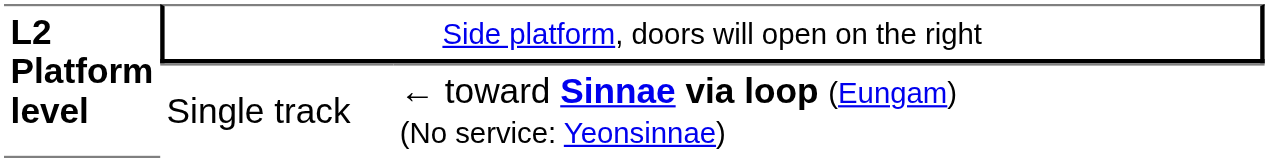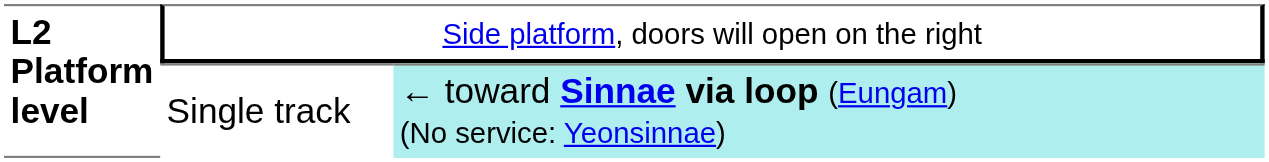 <table table border=0 cellspacing=0 cellpadding=3>
 <tr>
 <td style="border-top:solid 1px gray;border-bottom:solid 1px gray;" width=50 rowspan=10 valign=top><strong>L2<br>Platform level</strong></td>
 <td style="border-top:solid 1px gray;border-right:solid 2px black;border-left:solid 2px black;border-bottom:solid 2px black;text-align:center;" colspan=2><small><a href='#'>Side platform</a>, doors will open on the right </small></td>
 </tr>
 <tr>
 <td style="border-bottom:solid 0px gray;border-top:solid 1px gray;" width=100>Single track</td>
-<td style="border-bottom:solid 0px gray;border-top:solid 1px gray;" width=390>←  toward <strong> <a href='#'>Sinnae</a> via loop</strong> <small>(<a href='#'>Eungam</a>)</small><br><small>(No service: <a href='#'>Yeonsinnae</a>)</small></td>
+<td style="background: paleturquoise; border-bottom:solid 0px gray;border-top:solid 1px gray;" width=390>←  toward <strong> <a href='#'>Sinnae</a> via loop</strong> <small>(<a href='#'>Eungam</a>)</small><br><small>(No service: <a href='#'>Yeonsinnae</a>)</small></td>
 </tr>
 </table>
